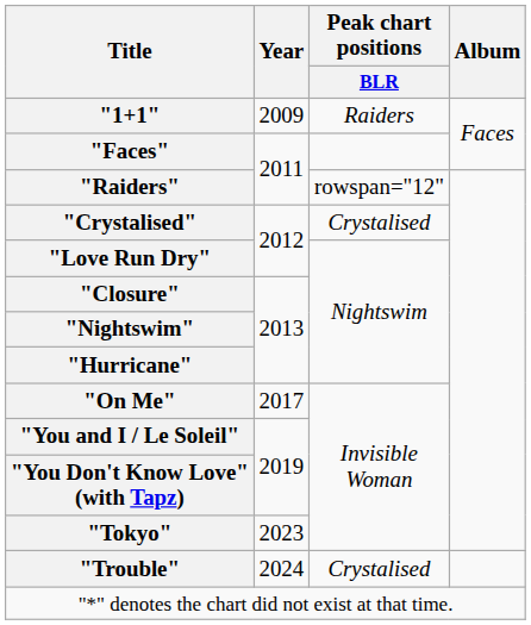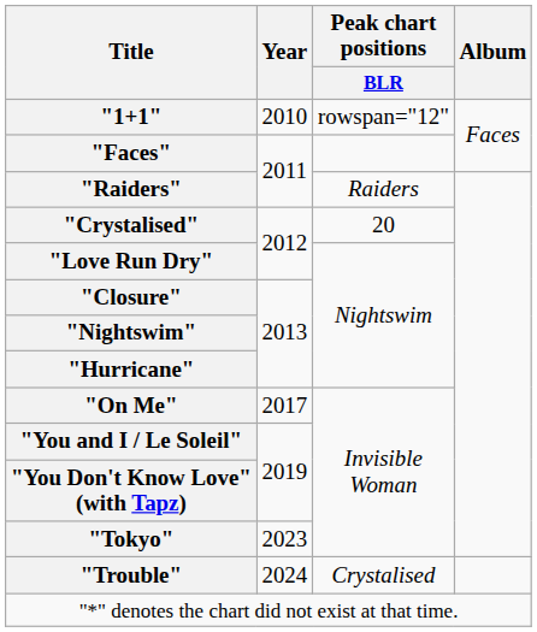 <table class="wikitable plainrowheaders" style="text-align:center;">
 <tr>
 <th rowspan="2">Title</th>
 <th rowspan="2">Year</th>
 <th scope="col" colspan="1">Peak chart positions</th>
 <th rowspan="2">Album</th>
 </tr>
 <tr>
 <th scope="col" style="width:3.5em;font-size:85%;"><a href='#'>BLR</a><br></th>
 </tr>
 <tr>
 <th scope="row">"1+1"</th>
-<td>2009</td>
-<td><em>Raiders</em></td>
+<td>2010</td>
+<td>rowspan="12" </td>
 <td rowspan="2"><em>Faces</em></td>
 </tr>
 <tr>
 <th scope="row">"Faces"</th>
 <td rowspan="2">2011</td>
 </tr>
 <tr>
 <th scope="row">"Raiders"</th>
-<td>rowspan="12" </td>
+<td><em>Raiders</em></td>
 </tr>
 <tr>
 <th scope="row">"Crystalised"</th>
 <td rowspan="2">2012</td>
-<td><em>Crystalised</em></td>
+<td>20</td>
 </tr>
 <tr>
 <th scope="row">"Love Run Dry"</th>
 <td rowspan="4"><em>Nightswim</em></td>
 </tr>
 <tr>
 <th scope="row">"Closure"</th>
 <td rowspan="3">2013</td>
 </tr>
 <tr>
 <th scope="row">"Nightswim"</th>
 </tr>
 <tr>
 <th scope="row">"Hurricane"</th>
 </tr>
 <tr>
 <th scope="row">"On Me"</th>
 <td>2017</td>
 <td rowspan="4"><em>Invisible Woman</em></td>
 </tr>
 <tr>
 <th scope="row">"You and I / Le Soleil"</th>
 <td rowspan="2">2019</td>
 </tr>
 <tr>
 <th scope="row">"You Don't Know Love"<br><span>(with <a href='#'>Tapz</a>)</span></th>
 </tr>
 <tr>
 <th scope="row">"Tokyo"</th>
 <td>2023</td>
 </tr>
 <tr>
 <th scope="row">"Trouble"<br></th>
 <td>2024</td>
 <td><em>Crystalised</em></td>
 <td></td>
 </tr>
 <tr>
 <td colspan="4" style="font-size:90%;">"*" denotes the chart did not exist at that time.</td>
 </tr>
 </table>
